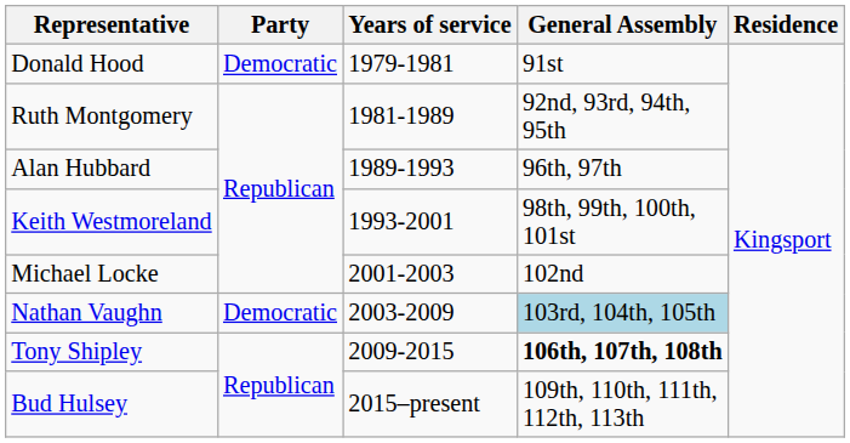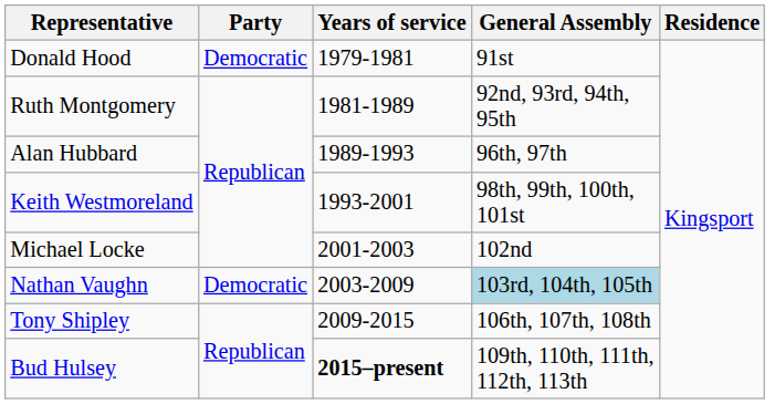 <table class="wikitable">
 <tr>
 <th>Representative</th>
 <th>Party</th>
 <th>Years of service</th>
 <th>General Assembly</th>
 <th>Residence</th>
 </tr>
 <tr>
 <td>Donald Hood</td>
 <td rowspan="1" ><a href='#'>Democratic</a></td>
 <td>1979-1981</td>
 <td>91st</td>
 <td rowspan="8"><a href='#'>Kingsport</a></td>
 </tr>
 <tr>
 <td>Ruth Montgomery</td>
 <td rowspan="4" ><a href='#'>Republican</a></td>
 <td>1981-1989</td>
 <td>92nd, 93rd, 94th,<br>95th</td>
 </tr>
 <tr>
 <td>Alan Hubbard</td>
 <td>1989-1993</td>
 <td>96th, 97th</td>
 </tr>
 <tr>
 <td><a href='#'>Keith Westmoreland</a></td>
 <td>1993-2001</td>
 <td>98th, 99th, 100th,<br>101st</td>
 </tr>
 <tr>
 <td>Michael Locke</td>
 <td>2001-2003</td>
 <td>102nd</td>
 </tr>
 <tr>
 <td><a href='#'>Nathan Vaughn</a></td>
 <td rowspan="1" ><a href='#'>Democratic</a></td>
 <td>2003-2009</td>
 <td style="background: lightblue;">103rd, 104th, 105th</td>
 </tr>
 <tr>
 <td><a href='#'>Tony Shipley</a></td>
 <td rowspan="2" ><a href='#'>Republican</a></td>
 <td>2009-2015</td>
-<td><strong>106th, 107th, 108th</strong></td>
+<td>106th, 107th, 108th</td>
 </tr>
 <tr>
 <td><a href='#'>Bud Hulsey</a></td>
-<td>2015–present</td>
+<td><strong>2015–present</strong></td>
 <td>109th, 110th, 111th,<br>112th, 113th</td>
 </tr>
 </table>
